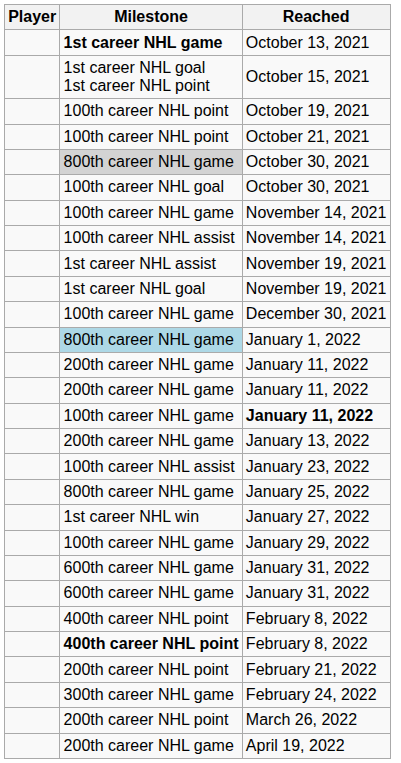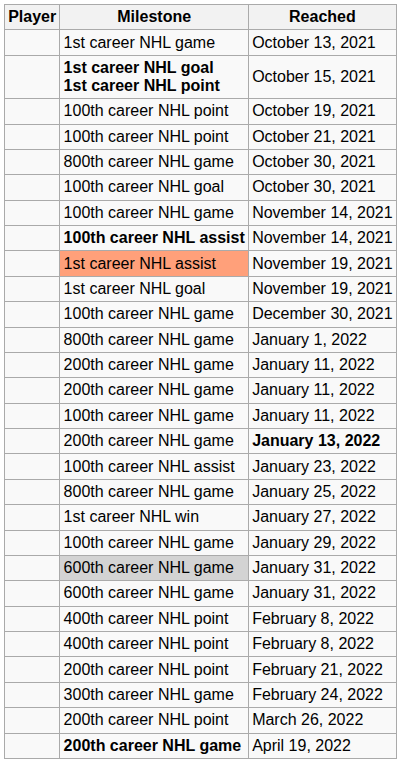 <table class="wikitable sortable">
 <tr>
 <th>Player</th>
 <th>Milestone</th>
 <th data-sort-type="date">Reached</th>
 </tr>
 <tr>
 <td></td>
-<td><strong>1st career NHL game</strong></td>
+<td>1st career NHL game</td>
 <td>October 13, 2021</td>
 </tr>
 <tr>
 <td></td>
-<td>1st career NHL goal<br>1st career NHL point</td>
+<td><strong>1st career NHL goal<br>1st career NHL point</strong></td>
 <td>October 15, 2021</td>
 </tr>
 <tr>
 <td></td>
 <td>100th career NHL point</td>
 <td>October 19, 2021</td>
 </tr>
 <tr>
 <td></td>
 <td>100th career NHL point</td>
 <td>October 21, 2021</td>
 </tr>
 <tr>
 <td></td>
-<td style="background: lightgrey;">800th career NHL game</td>
+<td>800th career NHL game</td>
 <td>October 30, 2021</td>
 </tr>
 <tr>
 <td></td>
 <td>100th career NHL goal</td>
 <td>October 30, 2021</td>
 </tr>
 <tr>
 <td></td>
 <td>100th career NHL game</td>
 <td>November 14, 2021</td>
 </tr>
 <tr>
 <td></td>
-<td>100th career NHL assist</td>
+<td><strong>100th career NHL assist</strong></td>
 <td>November 14, 2021</td>
 </tr>
 <tr>
 <td></td>
-<td>1st career NHL assist</td>
+<td style="background: lightsalmon;">1st career NHL assist</td>
 <td>November 19, 2021</td>
 </tr>
 <tr>
 <td></td>
 <td>1st career NHL goal</td>
 <td>November 19, 2021</td>
 </tr>
 <tr>
 <td></td>
 <td>100th career NHL game</td>
 <td>December 30, 2021</td>
 </tr>
 <tr>
 <td></td>
-<td style="background: lightblue;">800th career NHL game</td>
+<td>800th career NHL game</td>
 <td>January 1, 2022</td>
 </tr>
 <tr>
 <td></td>
 <td>200th career NHL game</td>
 <td>January 11, 2022</td>
 </tr>
 <tr>
 <td></td>
 <td>200th career NHL game</td>
 <td>January 11, 2022</td>
 </tr>
 <tr>
 <td></td>
 <td>100th career NHL game</td>
-<td><strong>January 11, 2022</strong></td>
+<td>January 11, 2022</td>
 </tr>
 <tr>
 <td></td>
 <td>200th career NHL game</td>
-<td>January 13, 2022</td>
+<td><strong>January 13, 2022</strong></td>
 </tr>
 <tr>
 <td></td>
 <td>100th career NHL assist</td>
 <td>January 23, 2022</td>
 </tr>
 <tr>
 <td></td>
 <td>800th career NHL game</td>
 <td>January 25, 2022</td>
 </tr>
 <tr>
 <td></td>
 <td>1st career NHL win</td>
 <td>January 27, 2022</td>
 </tr>
 <tr>
 <td></td>
 <td>100th career NHL game</td>
 <td>January 29, 2022</td>
 </tr>
 <tr>
 <td></td>
-<td>600th career NHL game</td>
+<td style="background: lightgrey;">600th career NHL game</td>
 <td>January 31, 2022</td>
 </tr>
 <tr>
 <td></td>
 <td>600th career NHL game</td>
 <td>January 31, 2022</td>
 </tr>
 <tr>
 <td></td>
 <td>400th career NHL point</td>
 <td>February 8, 2022</td>
 </tr>
 <tr>
 <td></td>
-<td><strong>400th career NHL point</strong></td>
+<td>400th career NHL point</td>
 <td>February 8, 2022</td>
 </tr>
 <tr>
 <td></td>
 <td>200th career NHL point</td>
 <td>February 21, 2022</td>
 </tr>
 <tr>
 <td></td>
 <td>300th career NHL game</td>
 <td>February 24, 2022</td>
 </tr>
 <tr>
 <td></td>
 <td>200th career NHL point</td>
 <td>March 26, 2022</td>
 </tr>
 <tr>
 <td></td>
-<td>200th career NHL game</td>
+<td><strong>200th career NHL game</strong></td>
 <td>April 19, 2022</td>
 </tr>
 </table>
